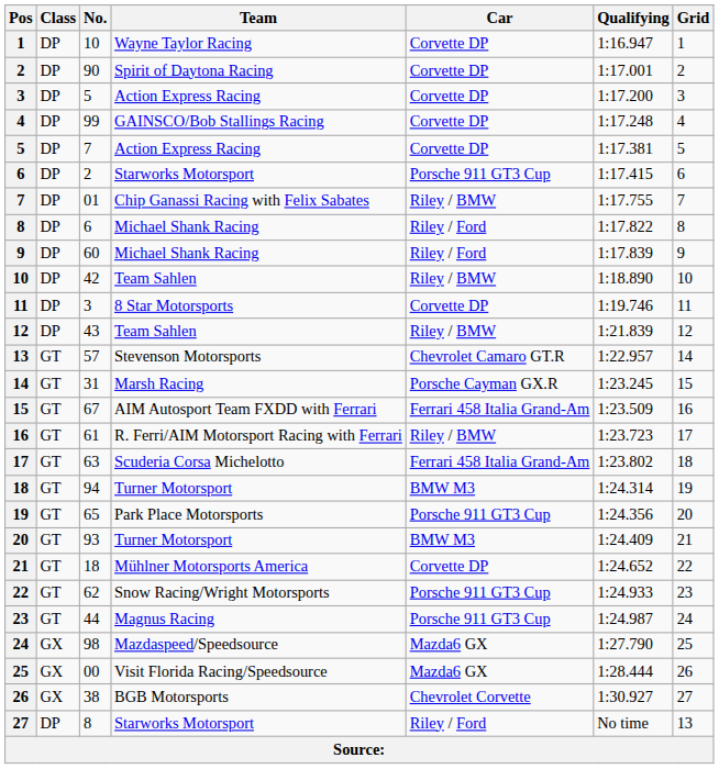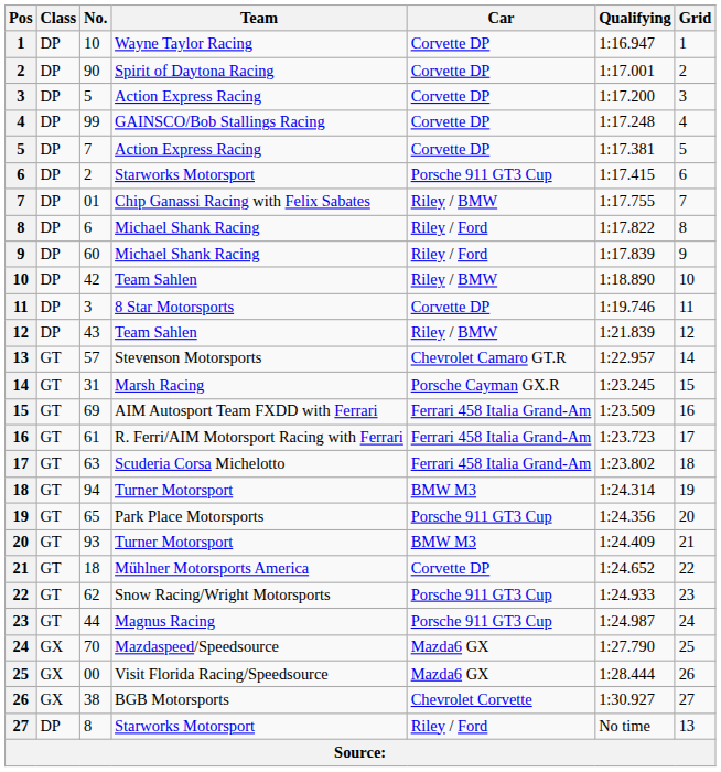 <table class="wikitable" style="font-size: 85%;">
 <tr>
 <th>Pos</th>
 <th>Class</th>
 <th>No.</th>
 <th>Team</th>
 <th>Car</th>
 <th>Qualifying</th>
 <th>Grid</th>
 </tr>
 <tr>
 <th>1</th>
 <td>DP</td>
 <td>10</td>
 <td><a href='#'>Wayne Taylor Racing</a></td>
 <td><a href='#'>Corvette DP</a></td>
 <td>1:16.947</td>
 <td>1</td>
 </tr>
 <tr>
 <th>2</th>
 <td>DP</td>
 <td>90</td>
 <td><a href='#'>Spirit of Daytona Racing</a></td>
 <td><a href='#'>Corvette DP</a></td>
 <td>1:17.001</td>
 <td>2</td>
 </tr>
 <tr>
 <th>3</th>
 <td>DP</td>
 <td>5</td>
 <td><a href='#'>Action Express Racing</a></td>
 <td><a href='#'>Corvette DP</a></td>
 <td>1:17.200</td>
 <td>3</td>
 </tr>
 <tr>
 <th>4</th>
 <td>DP</td>
 <td>99</td>
 <td><a href='#'>GAINSCO/Bob Stallings Racing</a></td>
 <td><a href='#'>Corvette DP</a></td>
 <td>1:17.248</td>
 <td>4</td>
 </tr>
 <tr>
 <th>5</th>
 <td>DP</td>
 <td>7</td>
 <td><a href='#'>Action Express Racing</a></td>
 <td><a href='#'>Corvette DP</a></td>
 <td>1:17.381</td>
 <td>5</td>
 </tr>
 <tr>
 <th>6</th>
 <td>DP</td>
 <td>2</td>
 <td><a href='#'>Starworks Motorsport</a></td>
 <td><a href='#'>Porsche 911 GT3 Cup</a></td>
 <td>1:17.415</td>
 <td>6</td>
 </tr>
 <tr>
 <th>7</th>
 <td>DP</td>
 <td>01</td>
 <td><a href='#'>Chip Ganassi Racing</a> with <a href='#'>Felix Sabates</a></td>
 <td><a href='#'>Riley</a> / <a href='#'>BMW</a></td>
 <td>1:17.755</td>
 <td>7</td>
 </tr>
 <tr>
 <th>8</th>
 <td>DP</td>
 <td>6</td>
 <td><a href='#'>Michael Shank Racing</a></td>
 <td><a href='#'>Riley</a> / <a href='#'>Ford</a></td>
 <td>1:17.822</td>
 <td>8</td>
 </tr>
 <tr>
 <th>9</th>
 <td>DP</td>
 <td>60</td>
 <td><a href='#'>Michael Shank Racing</a></td>
 <td><a href='#'>Riley</a> / <a href='#'>Ford</a></td>
 <td>1:17.839</td>
 <td>9</td>
 </tr>
 <tr>
 <th>10</th>
 <td>DP</td>
 <td>42</td>
 <td><a href='#'>Team Sahlen</a></td>
 <td><a href='#'>Riley</a> / <a href='#'>BMW</a></td>
 <td>1:18.890</td>
 <td>10</td>
 </tr>
 <tr>
 <th>11</th>
 <td>DP</td>
 <td>3</td>
 <td><a href='#'>8 Star Motorsports</a></td>
 <td><a href='#'>Corvette DP</a></td>
 <td>1:19.746</td>
 <td>11</td>
 </tr>
 <tr>
 <th>12</th>
 <td>DP</td>
 <td>43</td>
 <td><a href='#'>Team Sahlen</a></td>
 <td><a href='#'>Riley</a> / <a href='#'>BMW</a></td>
 <td>1:21.839</td>
 <td>12</td>
 </tr>
 <tr>
 <th>13</th>
 <td>GT</td>
 <td>57</td>
 <td>Stevenson Motorsports</td>
 <td><a href='#'>Chevrolet Camaro</a> GT.R</td>
 <td>1:22.957</td>
 <td>14</td>
 </tr>
 <tr>
 <th>14</th>
 <td>GT</td>
 <td>31</td>
 <td><a href='#'>Marsh Racing</a></td>
 <td><a href='#'>Porsche Cayman</a> GX.R</td>
 <td>1:23.245</td>
 <td>15</td>
 </tr>
 <tr>
 <th>15</th>
 <td>GT</td>
-<td>67</td>
+<td>69</td>
 <td>AIM Autosport Team FXDD with <a href='#'>Ferrari</a></td>
 <td><a href='#'>Ferrari 458 Italia Grand-Am</a></td>
 <td>1:23.509</td>
 <td>16</td>
 </tr>
 <tr>
 <th>16</th>
 <td>GT</td>
 <td>61</td>
 <td>R. Ferri/AIM Motorsport Racing with <a href='#'>Ferrari</a></td>
-<td><a href='#'>Riley</a> / <a href='#'>BMW</a></td>
+<td><a href='#'>Ferrari 458 Italia Grand-Am</a></td>
 <td>1:23.723</td>
 <td>17</td>
 </tr>
 <tr>
 <th>17</th>
 <td>GT</td>
 <td>63</td>
 <td><a href='#'>Scuderia Corsa</a> Michelotto</td>
 <td><a href='#'>Ferrari 458 Italia Grand-Am</a></td>
 <td>1:23.802</td>
 <td>18</td>
 </tr>
 <tr>
 <th>18</th>
 <td>GT</td>
 <td>94</td>
 <td><a href='#'>Turner Motorsport</a></td>
 <td><a href='#'>BMW M3</a></td>
 <td>1:24.314</td>
 <td>19</td>
 </tr>
 <tr>
 <th>19</th>
 <td>GT</td>
 <td>65</td>
 <td>Park Place Motorsports</td>
 <td><a href='#'>Porsche 911 GT3 Cup</a></td>
 <td>1:24.356</td>
 <td>20</td>
 </tr>
 <tr>
 <th>20</th>
 <td>GT</td>
 <td>93</td>
 <td><a href='#'>Turner Motorsport</a></td>
 <td><a href='#'>BMW M3</a></td>
 <td>1:24.409</td>
 <td>21</td>
 </tr>
 <tr>
 <th>21</th>
 <td>GT</td>
 <td>18</td>
 <td><a href='#'>Mühlner Motorsports America</a></td>
 <td><a href='#'>Corvette DP</a></td>
 <td>1:24.652</td>
 <td>22</td>
 </tr>
 <tr>
 <th>22</th>
 <td>GT</td>
 <td>62</td>
 <td>Snow Racing/Wright Motorsports</td>
 <td><a href='#'>Porsche 911 GT3 Cup</a></td>
 <td>1:24.933</td>
 <td>23</td>
 </tr>
 <tr>
 <th>23</th>
 <td>GT</td>
 <td>44</td>
 <td><a href='#'>Magnus Racing</a></td>
 <td><a href='#'>Porsche 911 GT3 Cup</a></td>
 <td>1:24.987</td>
 <td>24</td>
 </tr>
 <tr>
 <th>24</th>
 <td>GX</td>
-<td>98</td>
+<td>70</td>
 <td><a href='#'>Mazdaspeed</a>/Speedsource</td>
 <td><a href='#'>Mazda6</a> GX</td>
 <td>1:27.790</td>
 <td>25</td>
 </tr>
 <tr>
 <th>25</th>
 <td>GX</td>
 <td>00</td>
 <td>Visit Florida Racing/Speedsource</td>
 <td><a href='#'>Mazda6</a> GX</td>
 <td>1:28.444</td>
 <td>26</td>
 </tr>
 <tr>
 <th>26</th>
 <td>GX</td>
 <td>38</td>
 <td>BGB Motorsports</td>
 <td><a href='#'>Chevrolet Corvette</a></td>
 <td>1:30.927</td>
 <td>27</td>
 </tr>
 <tr>
 <th>27</th>
 <td>DP</td>
 <td>8</td>
 <td><a href='#'>Starworks Motorsport</a></td>
 <td><a href='#'>Riley</a> / <a href='#'>Ford</a></td>
 <td>No time</td>
 <td>13</td>
 </tr>
 <tr>
 <th colspan="7">Source:</th>
 </tr>
 </table>
